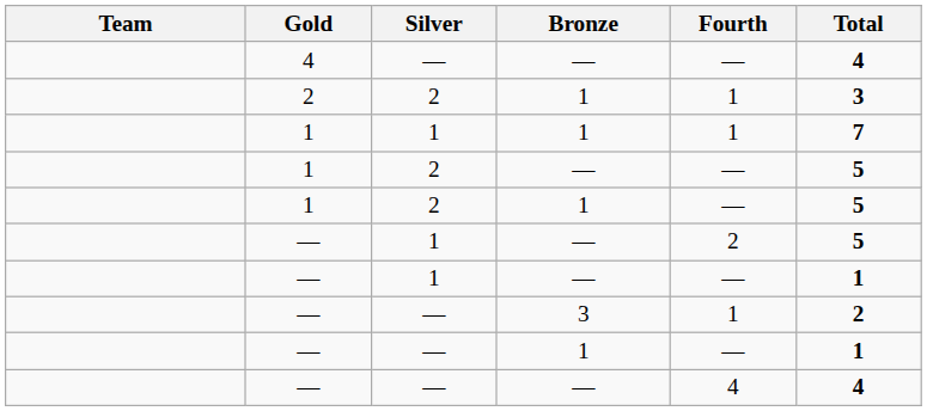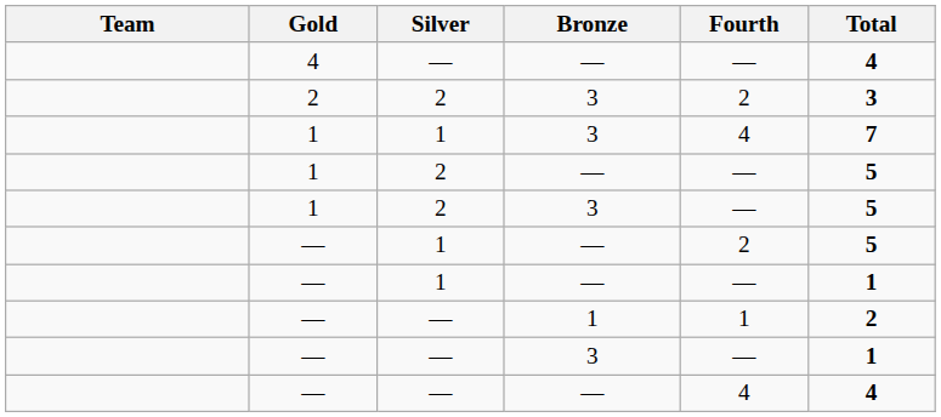 <table class="wikitable sortable" style="text-align:center;">
 <tr>
 <th style="width:10em;">Team</th>
 <th style="width:5em;"> Gold</th>
 <th style="width:5em;"> Silver</th>
 <th style="width:7.5em; padding:0;"> Bronze</th>
 <th style="width:5em;">Fourth</th>
 <th style="width:5em;">Total </th>
 </tr>
 <tr>
 <td align=left></td>
 <td>4</td>
 <td>—</td>
 <td>—</td>
 <td>—</td>
 <td><strong>4</strong></td>
 </tr>
 <tr>
 <td align=left></td>
 <td>2</td>
 <td>2</td>
-<td>1</td>
-<td>1</td>
+<td>3</td>
+<td>2</td>
 <td><strong>3</strong></td>
 </tr>
 <tr>
 <td align=left></td>
 <td>1</td>
 <td>1</td>
-<td>1</td>
-<td>1</td>
+<td>3</td>
+<td>4</td>
 <td><strong>7</strong></td>
 </tr>
 <tr>
 <td align=left></td>
 <td>1</td>
 <td>2</td>
 <td>—</td>
 <td>—</td>
 <td><strong>5</strong></td>
 </tr>
 <tr>
 <td align=left></td>
 <td>1</td>
 <td>2</td>
-<td>1</td>
+<td>3</td>
 <td>—</td>
 <td><strong>5</strong></td>
 </tr>
 <tr>
 <td align=left></td>
 <td>—</td>
 <td>1</td>
 <td>—</td>
 <td>2</td>
 <td><strong>5</strong></td>
 </tr>
 <tr>
 <td align=left></td>
 <td>—</td>
 <td>1</td>
 <td>—</td>
 <td>—</td>
 <td><strong>1</strong></td>
 </tr>
 <tr>
 <td align=left></td>
 <td>—</td>
 <td>—</td>
-<td>3</td>
+<td>1</td>
 <td>1</td>
 <td><strong>2</strong></td>
 </tr>
 <tr>
 <td align=left></td>
 <td>—</td>
 <td>—</td>
-<td>1</td>
+<td>3</td>
 <td>—</td>
 <td><strong>1</strong></td>
 </tr>
 <tr>
 <td align=left></td>
 <td>—</td>
 <td>—</td>
 <td>—</td>
 <td>4</td>
 <td><strong>4</strong></td>
 </tr>
 </table>
